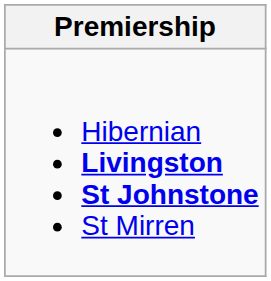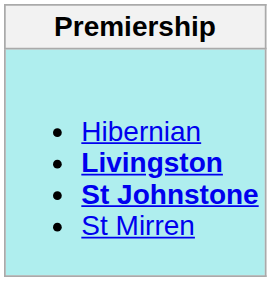 <table class="wikitable">
 <tr>
 <th>Premiership</th>
 </tr>
 <tr>
-<td valign=top><br><ul><li><a href='#'>Hibernian</a></li><li><strong><a href='#'>Livingston</a></strong></li><li><strong><a href='#'>St Johnstone</a></strong></li><li><a href='#'>St Mirren</a></li></ul></td>
+<td valign=top style="background: paleturquoise;"><br><ul><li><a href='#'>Hibernian</a></li><li><strong><a href='#'>Livingston</a></strong></li><li><strong><a href='#'>St Johnstone</a></strong></li><li><a href='#'>St Mirren</a></li></ul></td>
 </tr>
 </table>
